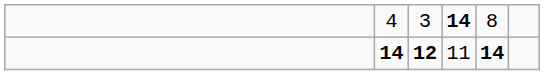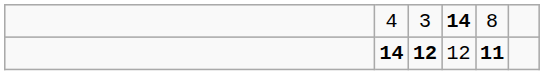 <table class="wikitable">
 <tr>
 <td style="width:18em"></td>
 <td align=center style="width:1em">4</td>
 <td align=center style="width:1em">3</td>
 <td align=center style="width:1em"><strong>14</strong></td>
 <td align=center style="width:1em">8</td>
 <td align=center style="width:1em"></td>
 </tr>
 <tr>
 <td style="width:18em"><strong></strong></td>
 <td align=center style="width:1em"><strong>14</strong></td>
 <td align=center style="width:1em"><strong>12</strong></td>
-<td align=center style="width:1em">11</td>
-<td align=center style="width:1em"><strong>14</strong></td>
+<td align=center style="width:1em">12</td>
+<td align=center style="width:1em"><strong>11</strong></td>
 <td align=center style="width:1em"></td>
 </tr>
 </table>
